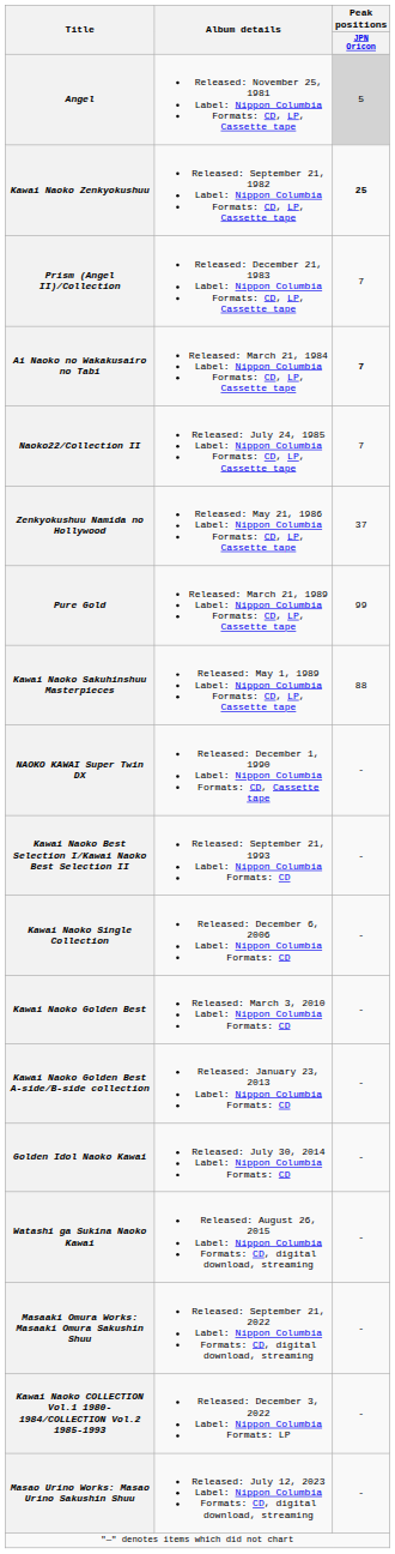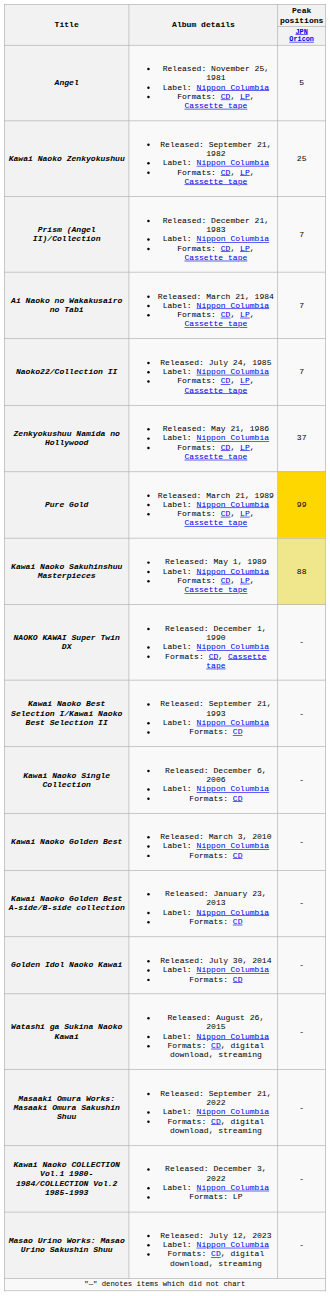 <table class="wikitable plainrowheaders" style="text-align:center;">
 <tr>
 <th style="width:15em;" rowspan="2">Title</th>
 <th style="width:18em;" rowspan="2">Album details</th>
 <th colspan="1">Peak positions</th>
 </tr>
 <tr>
 <th style="width:3em;font-size:85%"><a href='#'>JPN<br>Oricon</a><br></th>
 </tr>
 <tr>
 <th scope="row"><em>Angel</em></th>
 <td><br><ul><li>Released: November 25, 1981</li><li>Label: <a href='#'>Nippon Columbia</a></li><li>Formats: <a href='#'>CD</a>, <a href='#'>LP</a>, <a href='#'>Cassette tape</a></li></ul></td>
-<td style="background: lightgrey;">5</td>
+<td>5</td>
 </tr>
 <tr>
 <th scope="row"><em>Kawai Naoko Zenkyokushuu</em></th>
 <td><br><ul><li>Released: September 21, 1982</li><li>Label: <a href='#'>Nippon Columbia</a></li><li>Formats: <a href='#'>CD</a>, <a href='#'>LP</a>, <a href='#'>Cassette tape</a></li></ul></td>
-<td><strong>25</strong></td>
+<td>25</td>
 </tr>
 <tr>
 <th scope="row"><em>Prism (Angel II)/Collection</em></th>
 <td><br><ul><li>Released: December 21, 1983</li><li>Label: <a href='#'>Nippon Columbia</a></li><li>Formats: <a href='#'>CD</a>, <a href='#'>LP</a>, <a href='#'>Cassette tape</a></li></ul></td>
 <td>7</td>
 </tr>
 <tr>
 <th scope="row"><em>Ai Naoko no Wakakusairo no Tabi</em></th>
 <td><br><ul><li>Released: March 21, 1984</li><li>Label: <a href='#'>Nippon Columbia</a></li><li>Formats: <a href='#'>CD</a>, <a href='#'>LP</a>, <a href='#'>Cassette tape</a></li></ul></td>
-<td><strong>7</strong></td>
+<td>7</td>
 </tr>
 <tr>
 <th scope="row"><em>Naoko22/Collection II</em></th>
 <td><br><ul><li>Released: July 24, 1985</li><li>Label: <a href='#'>Nippon Columbia</a></li><li>Formats: <a href='#'>CD</a>, <a href='#'>LP</a>, <a href='#'>Cassette tape</a></li></ul></td>
 <td>7</td>
 </tr>
 <tr>
 <th scope="row"><em>Zenkyokushuu Namida no Hollywood</em></th>
 <td><br><ul><li>Released: May 21, 1986</li><li>Label: <a href='#'>Nippon Columbia</a></li><li>Formats: <a href='#'>CD</a>, <a href='#'>LP</a>, <a href='#'>Cassette tape</a></li></ul></td>
 <td>37</td>
 </tr>
 <tr>
 <th scope="row"><em>Pure Gold</em></th>
 <td><br><ul><li>Released: March 21, 1989</li><li>Label: <a href='#'>Nippon Columbia</a></li><li>Formats: <a href='#'>CD</a>, <a href='#'>LP</a>, <a href='#'>Cassette tape</a></li></ul></td>
-<td>99</td>
+<td style="background: gold;">99</td>
 </tr>
 <tr>
 <th scope="row"><em>Kawai Naoko Sakuhinshuu Masterpieces</em></th>
 <td><br><ul><li>Released: May 1, 1989</li><li>Label: <a href='#'>Nippon Columbia</a></li><li>Formats: <a href='#'>CD</a>, <a href='#'>LP</a>, <a href='#'>Cassette tape</a></li></ul></td>
-<td>88</td>
+<td style="background: khaki;">88</td>
 </tr>
 <tr>
 <th scope="row"><em>NAOKO KAWAI Super Twin DX</em></th>
 <td><br><ul><li>Released: December 1, 1990</li><li>Label: <a href='#'>Nippon Columbia</a></li><li>Formats: <a href='#'>CD</a>, <a href='#'>Cassette tape</a></li></ul></td>
 <td>-</td>
 </tr>
 <tr>
 <th scope="row"><em>Kawai Naoko Best Selection I/Kawai Naoko Best Selection II</em></th>
 <td><br><ul><li>Released: September 21, 1993</li><li>Label: <a href='#'>Nippon Columbia</a></li><li>Formats: <a href='#'>CD</a></li></ul></td>
 <td>-</td>
 </tr>
 <tr>
 <th scope="row"><em>Kawai Naoko Single Collection</em></th>
 <td><br><ul><li>Released: December 6, 2006</li><li>Label: <a href='#'>Nippon Columbia</a></li><li>Formats: <a href='#'>CD</a></li></ul></td>
 <td>-</td>
 </tr>
 <tr>
 <th scope="row"><em>Kawai Naoko Golden Best</em></th>
 <td><br><ul><li>Released: March 3, 2010</li><li>Label: <a href='#'>Nippon Columbia</a></li><li>Formats: <a href='#'>CD</a></li></ul></td>
 <td>-</td>
 </tr>
 <tr>
 <th scope="row"><em>Kawai Naoko Golden Best A-side/B-side collection</em></th>
 <td><br><ul><li>Released: January 23, 2013</li><li>Label: <a href='#'>Nippon Columbia</a></li><li>Formats: <a href='#'>CD</a></li></ul></td>
 <td>-</td>
 </tr>
 <tr>
 <th scope="row"><em>Golden Idol Naoko Kawai</em></th>
 <td><br><ul><li>Released: July 30, 2014</li><li>Label: <a href='#'>Nippon Columbia</a></li><li>Formats: <a href='#'>CD</a></li></ul></td>
 <td>-</td>
 </tr>
 <tr>
 <th scope="row"><em>Watashi ga Sukina Naoko Kawai</em></th>
 <td><br><ul><li>Released: August 26, 2015</li><li>Label: <a href='#'>Nippon Columbia</a></li><li>Formats: <a href='#'>CD</a>, digital download, streaming</li></ul></td>
 <td>-</td>
 </tr>
 <tr>
 <th scope="row"><em>Masaaki Omura Works: Masaaki Omura Sakushin Shuu</em></th>
 <td><br><ul><li>Released: September 21, 2022</li><li>Label: <a href='#'>Nippon Columbia</a></li><li>Formats: <a href='#'>CD</a>, digital download, streaming</li></ul></td>
 <td>-</td>
 </tr>
 <tr>
 <th scope="row"><em>Kawai Naoko COLLECTION Vol.1 1980-1984/COLLECTION Vol.2 1985-1993</em></th>
 <td><br><ul><li>Released: December 3, 2022</li><li>Label: <a href='#'>Nippon Columbia</a></li><li>Formats: LP</li></ul></td>
 <td>-</td>
 </tr>
 <tr>
 <th scope="row"><em>Masao Urino Works: Masao Urino Sakushin Shuu</em></th>
 <td><br><ul><li>Released: July 12, 2023</li><li>Label: <a href='#'>Nippon Columbia</a></li><li>Formats: <a href='#'>CD</a>, digital download, streaming</li></ul></td>
 <td>-</td>
 </tr>
 <tr>
 <td colspan="11" align="center" style="font-size:90%;">"—" denotes items which did not chart</td>
 </tr>
 </table>
